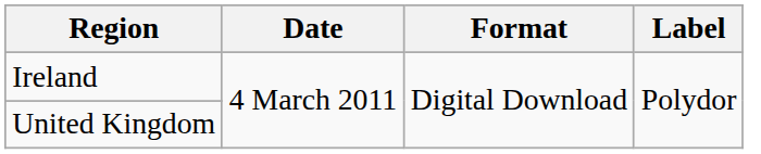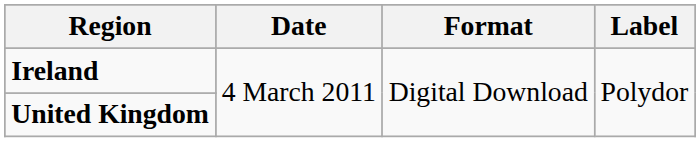 <table class="wikitable">
 <tr>
 <th scope="col">Region</th>
 <th scope="col">Date</th>
 <th scope="col">Format</th>
 <th scope="col">Label</th>
 </tr>
 <tr>
-<td>Ireland</td>
+<td><strong>Ireland</strong></td>
 <td rowspan="2">4 March 2011</td>
 <td rowspan="2">Digital Download</td>
 <td rowspan="2">Polydor</td>
 </tr>
 <tr>
-<td>United Kingdom</td>
+<td><strong>United Kingdom</strong></td>
 </tr>
 </table>
